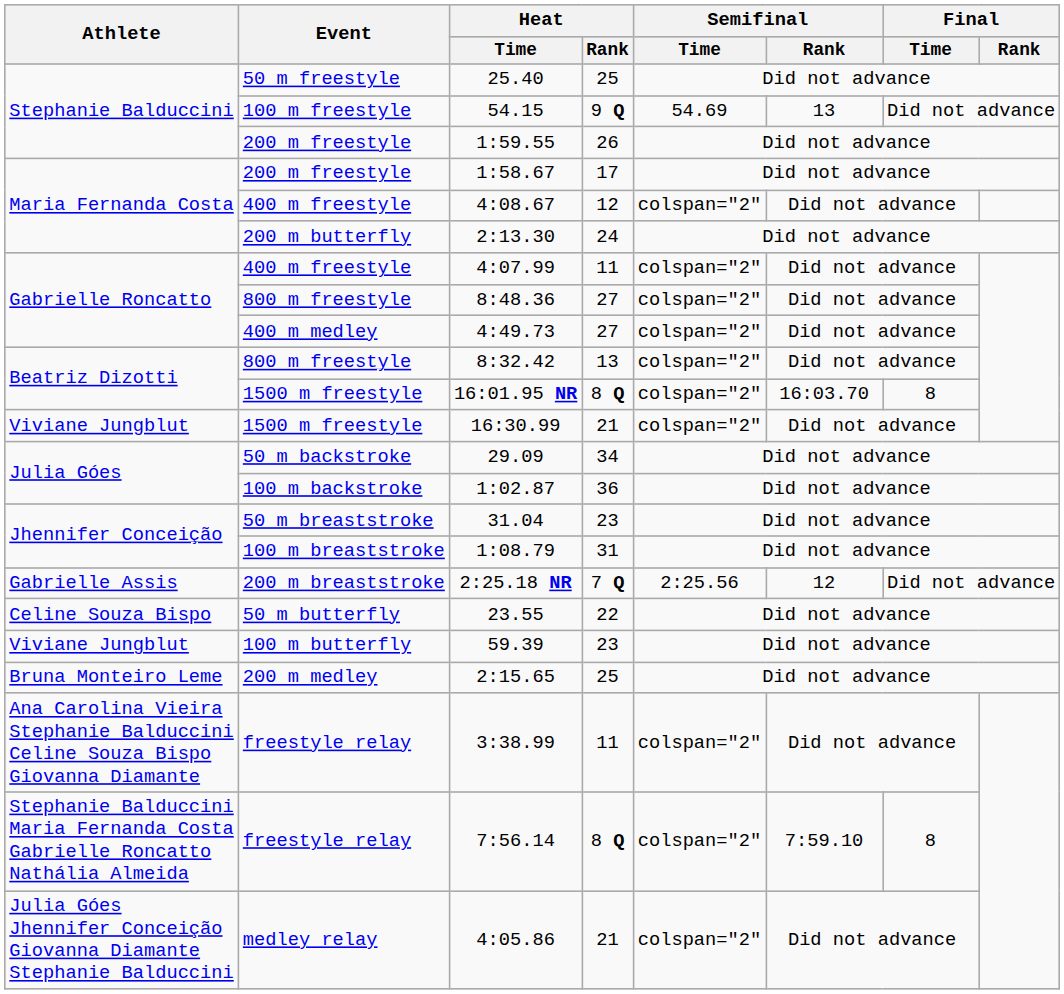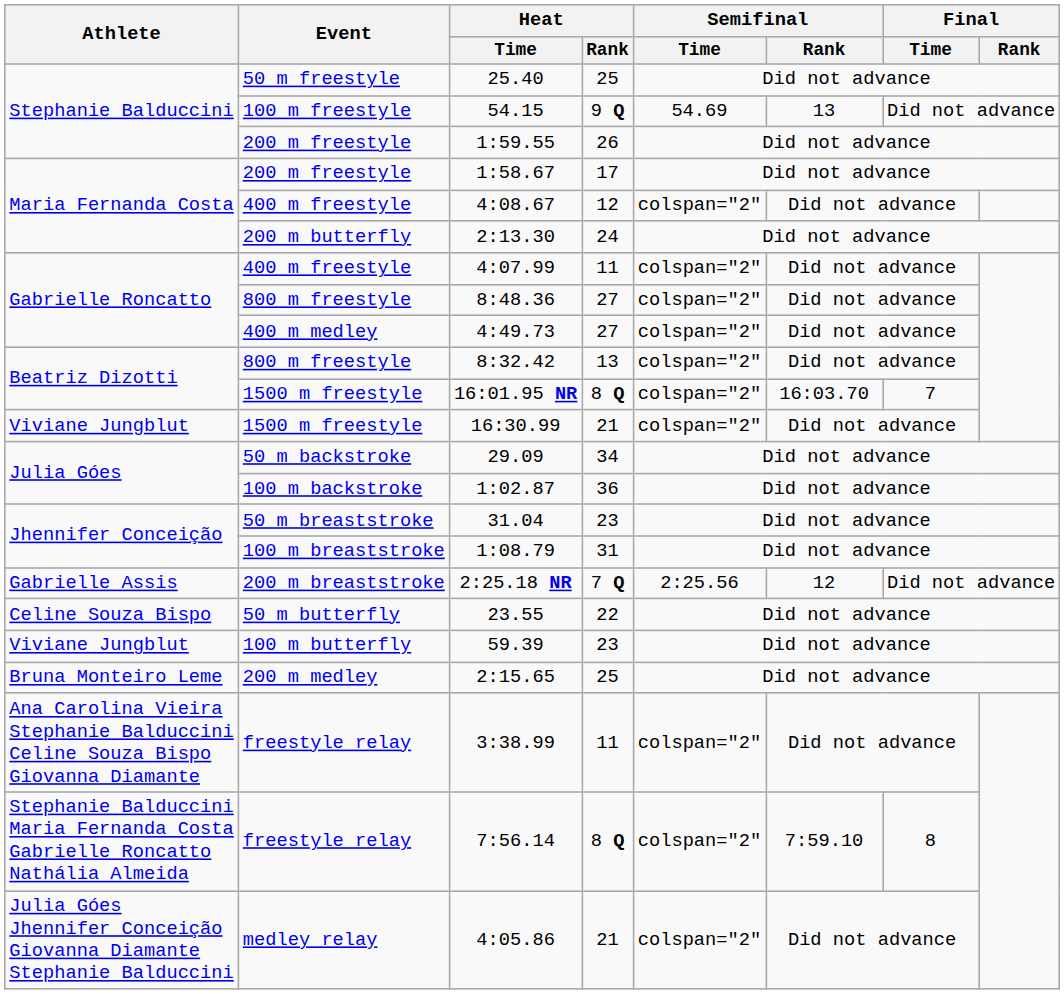 <table class=wikitable style="font-size:90%">
 <tr>
 <th rowspan="2">Athlete</th>
 <th rowspan="2">Event</th>
 <th colspan="2">Heat</th>
 <th colspan="2">Semifinal</th>
 <th colspan="2">Final</th>
 </tr>
 <tr style="font-size:95%">
 <th>Time</th>
 <th>Rank</th>
 <th>Time</th>
 <th>Rank</th>
 <th>Time</th>
 <th>Rank</th>
 </tr>
 <tr align=center>
 <td align=left rowspan="3"><a href='#'>Stephanie Balduccini</a></td>
 <td align=left><a href='#'>50 m freestyle</a></td>
 <td>25.40</td>
 <td>25</td>
 <td colspan="4">Did not advance</td>
 </tr>
 <tr align=center>
 <td align=left><a href='#'>100 m freestyle</a></td>
 <td>54.15</td>
 <td>9 <strong>Q</strong></td>
 <td>54.69</td>
 <td>13</td>
 <td colspan="2">Did not advance</td>
 </tr>
 <tr align=center>
 <td align=left><a href='#'>200 m freestyle</a></td>
 <td>1:59.55</td>
 <td>26</td>
 <td colspan="4">Did not advance</td>
 </tr>
 <tr align=center>
 <td align=left rowspan="3"><a href='#'>Maria Fernanda Costa</a></td>
 <td align=left><a href='#'>200 m freestyle</a></td>
 <td>1:58.67</td>
 <td>17</td>
 <td colspan="4">Did not advance</td>
 </tr>
 <tr align=center>
 <td align=left><a href='#'>400 m freestyle</a></td>
 <td>4:08.67</td>
 <td>12</td>
 <td>colspan="2" </td>
 <td colspan="2">Did not advance</td>
 </tr>
 <tr align=center>
 <td align=left><a href='#'>200 m butterfly</a></td>
 <td>2:13.30</td>
 <td>24</td>
 <td colspan=4>Did not advance</td>
 </tr>
 <tr align=center>
 <td align=left rowspan="3"><a href='#'>Gabrielle Roncatto</a></td>
 <td align=left><a href='#'>400 m freestyle</a></td>
 <td>4:07.99</td>
 <td>11</td>
 <td>colspan="2" </td>
 <td colspan="2">Did not advance</td>
 </tr>
 <tr align=center>
 <td align=left><a href='#'>800 m freestyle</a></td>
 <td>8:48.36</td>
 <td>27</td>
 <td>colspan="2" </td>
 <td colspan="2">Did not advance</td>
 </tr>
 <tr align=center>
 <td align=left><a href='#'>400 m medley</a></td>
 <td>4:49.73</td>
 <td>27</td>
 <td>colspan="2" </td>
 <td colspan="2">Did not advance</td>
 </tr>
 <tr align=center>
 <td align=left rowspan="2"><a href='#'>Beatriz Dizotti</a></td>
 <td align=left><a href='#'>800 m freestyle</a></td>
 <td>8:32.42</td>
 <td>13</td>
 <td>colspan="2" </td>
 <td colspan="2">Did not advance</td>
 </tr>
 <tr align=center>
 <td align=left><a href='#'>1500 m freestyle</a></td>
 <td>16:01.95 <strong><a href='#'>NR</a></strong></td>
 <td>8 <strong>Q</strong></td>
 <td>colspan="2" </td>
 <td>16:03.70</td>
-<td>8</td>
+<td>7</td>
 </tr>
 <tr align=center>
 <td align=left><a href='#'>Viviane Jungblut</a></td>
 <td align=left><a href='#'>1500 m freestyle</a></td>
 <td>16:30.99</td>
 <td>21</td>
 <td>colspan="2" </td>
 <td colspan="2">Did not advance</td>
 </tr>
 <tr align=center>
 <td align=left rowspan="2"><a href='#'>Julia Góes</a></td>
 <td align=left><a href='#'>50 m backstroke</a></td>
 <td>29.09</td>
 <td>34</td>
 <td colspan=4>Did not advance</td>
 </tr>
 <tr align=center>
 <td align=left><a href='#'>100 m backstroke</a></td>
 <td>1:02.87</td>
 <td>36</td>
 <td colspan="4">Did not advance</td>
 </tr>
 <tr align=center>
 <td align=left rowspan="2"><a href='#'>Jhennifer Conceição</a></td>
 <td align=left><a href='#'>50 m breaststroke</a></td>
 <td>31.04</td>
 <td>23</td>
 <td colspan="4">Did not advance</td>
 </tr>
 <tr align=center>
 <td align=left><a href='#'>100 m breaststroke</a></td>
 <td>1:08.79</td>
 <td>31</td>
 <td colspan="4">Did not advance</td>
 </tr>
 <tr align=center>
 <td align=left><a href='#'>Gabrielle Assis</a></td>
 <td align=left><a href='#'>200 m breaststroke</a></td>
 <td>2:25.18 <strong><a href='#'>NR</a></strong></td>
 <td>7 <strong>Q</strong></td>
 <td>2:25.56</td>
 <td>12</td>
 <td colspan="2">Did not advance</td>
 </tr>
 <tr align=center>
 <td align=left><a href='#'>Celine Souza Bispo</a></td>
 <td align=left><a href='#'>50 m butterfly</a></td>
 <td>23.55</td>
 <td>22</td>
 <td colspan="4">Did not advance</td>
 </tr>
 <tr align=center>
 <td align=left><a href='#'>Viviane Jungblut</a></td>
 <td align=left><a href='#'>100 m butterfly</a></td>
 <td>59.39</td>
 <td>23</td>
 <td colspan="4">Did not advance</td>
 </tr>
 <tr align=center>
 <td align=left><a href='#'>Bruna Monteiro Leme</a></td>
 <td align=left><a href='#'>200 m medley</a></td>
 <td>2:15.65</td>
 <td>25</td>
 <td colspan="4">Did not advance</td>
 </tr>
 <tr align=center>
 <td align=left><a href='#'>Ana Carolina Vieira</a><br> <a href='#'>Stephanie Balduccini</a><br> <a href='#'>Celine Souza Bispo</a><br> <a href='#'>Giovanna Diamante</a></td>
 <td align=left><a href='#'> freestyle relay</a></td>
 <td>3:38.99</td>
 <td>11</td>
 <td>colspan="2" </td>
 <td colspan="2">Did not advance</td>
 </tr>
 <tr align=center>
 <td align=left><a href='#'>Stephanie Balduccini</a><br> <a href='#'>Maria Fernanda Costa</a><br> <a href='#'>Gabrielle Roncatto</a><br> <a href='#'>Nathália Almeida</a></td>
 <td align=left><a href='#'> freestyle relay</a></td>
 <td>7:56.14</td>
 <td>8 <strong>Q</strong></td>
 <td>colspan="2" </td>
 <td>7:59.10</td>
 <td>8</td>
 </tr>
 <tr align=center>
 <td align=left><a href='#'>Julia Góes</a><br> <a href='#'>Jhennifer Conceição</a><br> <a href='#'>Giovanna Diamante</a><br> <a href='#'>Stephanie Balduccini</a></td>
 <td align=left><a href='#'> medley relay</a></td>
 <td>4:05.86</td>
 <td>21</td>
 <td>colspan="2" </td>
 <td colspan="2">Did not advance</td>
 </tr>
 </table>
